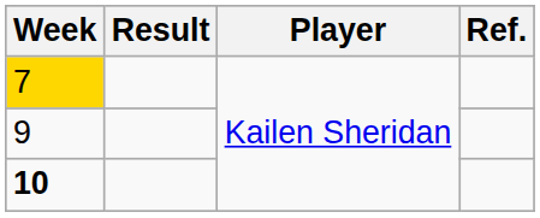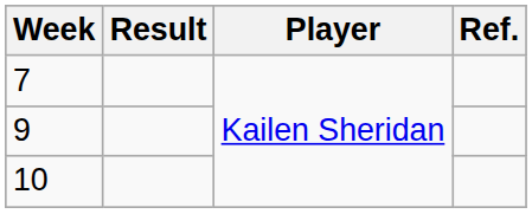 <table class="wikitable">
 <tr>
 <th>Week</th>
 <th>Result</th>
 <th>Player</th>
 <th>Ref.</th>
 </tr>
 <tr>
-<td style="background: gold;">7</td>
+<td>7</td>
 <td></td>
 <td rowspan=3> <a href='#'>Kailen Sheridan</a></td>
 <td></td>
 </tr>
 <tr>
 <td>9</td>
 <td></td>
 <td></td>
 </tr>
 <tr>
-<td><strong>10</strong></td>
+<td>10</td>
 <td></td>
 <td></td>
 </tr>
 </table>
